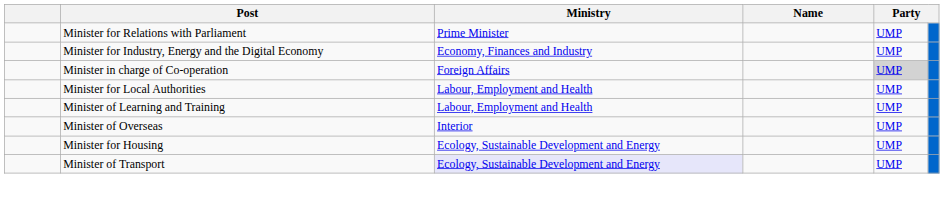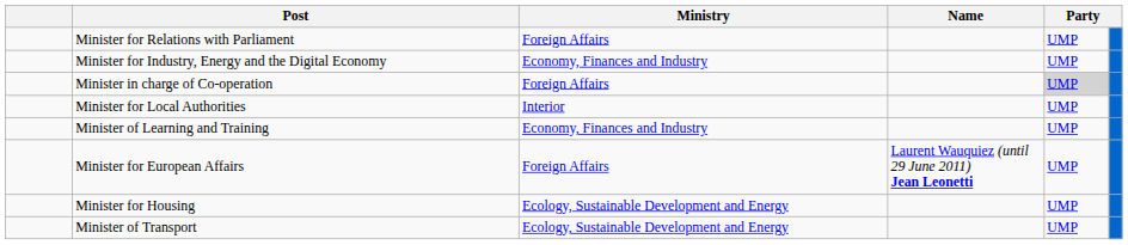 <table class="wikitable sortable" style="width:100%;">
 <tr>
 <th class="unsortable"></th>
 <th width=40%>Post</th>
 <th width=33%>Ministry</th>
 <th width=14%>Name</th>
 <th colspan="2" width="7%">Party</th>
 </tr>
 <tr>
 <td></td>
 <td>Minister for Relations with Parliament</td>
-<td><a href='#'>Prime Minister</a></td>
+<td><a href='#'>Foreign Affairs</a></td>
 <td></td>
 <td><a href='#'>UMP</a></td>
 <td style="width:1px;; background:#0066cc;"></td>
 </tr>
 <tr>
 <td></td>
 <td>Minister for Industry, Energy and the Digital Economy</td>
 <td><a href='#'>Economy, Finances and Industry</a></td>
 <td></td>
 <td><a href='#'>UMP</a></td>
 <td style="width:1px;; background:#0066cc;"></td>
 </tr>
 <tr>
 <td></td>
 <td>Minister in charge of Co-operation</td>
 <td><a href='#'>Foreign Affairs</a></td>
 <td></td>
 <td style="background: lightgrey;"><a href='#'>UMP</a></td>
 <td style="width:1px;; background:#0066cc;"></td>
 </tr>
 <tr>
 <td></td>
 <td>Minister for Local Authorities</td>
-<td><a href='#'>Labour, Employment and Health</a></td>
+<td><a href='#'>Interior</a></td>
 <td></td>
 <td><a href='#'>UMP</a></td>
 <td style="width:1px;; background:#0066cc;"></td>
 </tr>
 <tr>
 <td></td>
 <td>Minister of Learning and Training</td>
-<td><a href='#'>Labour, Employment and Health</a></td>
+<td><a href='#'>Economy, Finances and Industry</a></td>
 <td></td>
 <td><a href='#'>UMP</a></td>
 <td style="width:1px;; background:#0066cc;"></td>
 </tr>
 <tr>
 <td></td>
-<td>Minister of Overseas</td>
-<td><a href='#'>Interior</a></td>
-<td></td>
+<td>Minister for European Affairs</td>
+<td><a href='#'>Foreign Affairs</a></td>
+<td><a href='#'>Laurent Wauquiez</a> <em>(until 29 June 2011)</em> <br><strong><a href='#'>Jean Leonetti</a> </strong></td>
 <td><a href='#'>UMP</a></td>
 <td style="width:1px;; background:#0066cc;"></td>
 </tr>
 <tr>
 <td></td>
 <td>Minister for Housing</td>
 <td><a href='#'>Ecology, Sustainable Development and Energy</a></td>
 <td></td>
 <td><a href='#'>UMP</a></td>
 <td style="width:1px;; background:#0066cc;"></td>
 </tr>
 <tr>
 <td></td>
 <td>Minister of Transport</td>
-<td style="background: lavender;"><a href='#'>Ecology, Sustainable Development and Energy</a></td>
+<td><a href='#'>Ecology, Sustainable Development and Energy</a></td>
 <td></td>
 <td><a href='#'>UMP</a></td>
 <td style="width:1px;; background:#0066cc;"></td>
 </tr>
 </table>
